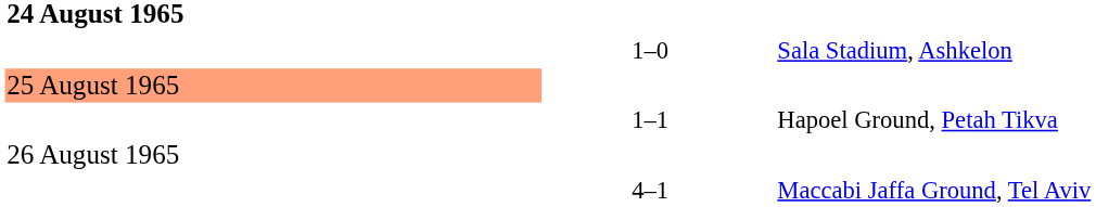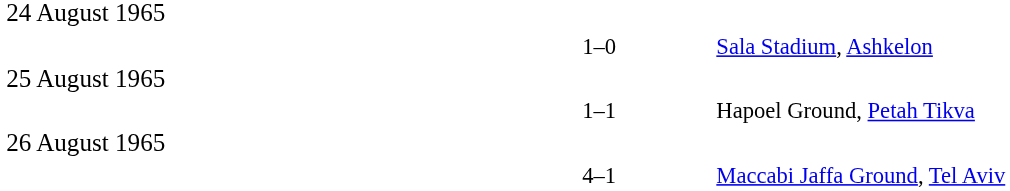 <table style="width:100%;" cellspacing="1">
 <tr>
 <th width=25%></th>
 <th width=10%></th>
 <th></th>
 </tr>
 <tr>
-<td><strong>24 August 1965</strong></td>
+<td>24 August 1965</td>
 </tr>
 <tr>
 </tr>
 <tr style=font-size:90%>
 <td align=right></td>
 <td align=center>1–0</td>
 <td></td>
 <td><a href='#'>Sala Stadium</a>, <a href='#'>Ashkelon</a></td>
 </tr>
 <tr>
-<td style="background: lightsalmon;">25 August 1965</td>
+<td>25 August 1965</td>
 </tr>
 <tr style=font-size:90%>
 <td align=right></td>
 <td align=center>1–1</td>
 <td></td>
 <td>Hapoel Ground, <a href='#'>Petah Tikva</a></td>
 </tr>
 <tr>
 <td>26 August 1965</td>
 </tr>
 <tr style=font-size:90%>
 <td align=right></td>
 <td align=center>4–1</td>
 <td></td>
 <td><a href='#'>Maccabi Jaffa Ground</a>, <a href='#'>Tel Aviv</a></td>
 </tr>
 </table>
